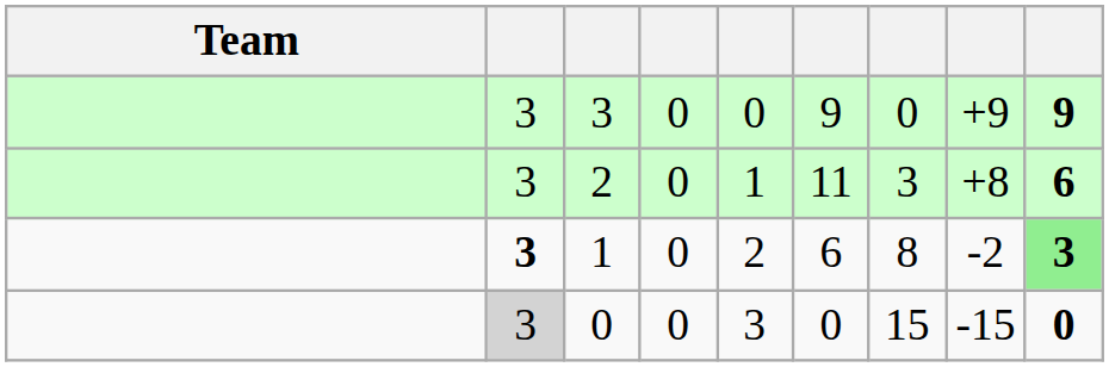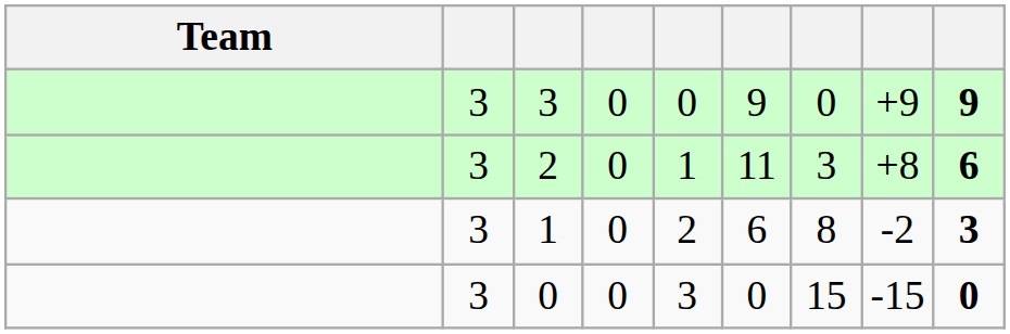 <table class="wikitable" style="text-align: center;">
 <tr>
 <th width="165">Team</th>
 <th width="20"></th>
 <th width="20"></th>
 <th width="20"></th>
 <th width="20"></th>
 <th width="20"></th>
 <th width="20"></th>
 <th width="20"></th>
 <th width="20"></th>
 </tr>
 <tr bgcolor=ccffcc>
 <td style="text-align:left;"></td>
 <td>3</td>
 <td>3</td>
 <td>0</td>
 <td>0</td>
 <td>9</td>
 <td>0</td>
 <td>+9</td>
 <td><strong>9</strong></td>
 </tr>
 <tr bgcolor=ccffcc>
 <td style="text-align:left;"></td>
 <td>3</td>
 <td>2</td>
 <td>0</td>
 <td>1</td>
 <td>11</td>
 <td>3</td>
 <td>+8</td>
 <td><strong>6</strong></td>
 </tr>
 <tr>
 <td style="text-align:left;"></td>
-<td><strong>3</strong></td>
+<td>3</td>
 <td>1</td>
 <td>0</td>
 <td>2</td>
 <td>6</td>
 <td>8</td>
 <td>-2</td>
-<td style="background: lightgreen;"><strong>3</strong></td>
+<td><strong>3</strong></td>
 </tr>
 <tr>
 <td style="text-align:left;"></td>
-<td style="background: lightgrey;">3</td>
+<td>3</td>
 <td>0</td>
 <td>0</td>
 <td>3</td>
 <td>0</td>
 <td>15</td>
 <td>-15</td>
 <td><strong>0</strong></td>
 </tr>
 </table>
